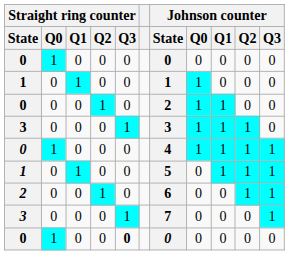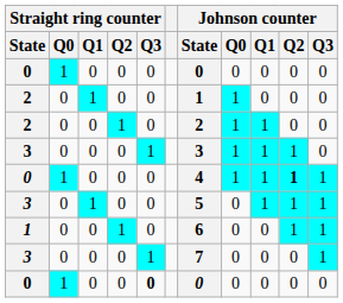 <table class="wikitable" style="text-align:center">
 <tr>
 <th colspan="5">Straight ring counter</th>
 <th></th>
 <th colspan="5">Johnson counter</th>
 </tr>
 <tr>
 <th>State</th>
 <th>Q0</th>
 <th>Q1</th>
 <th>Q2</th>
 <th>Q3</th>
 <th></th>
 <th>State</th>
 <th>Q0</th>
 <th>Q1</th>
 <th>Q2</th>
 <th>Q3</th>
 </tr>
 <tr>
 <th>0</th>
 <td style="background:#0FF">1</td>
 <td>0</td>
 <td>0</td>
 <td>0</td>
 <td> </td>
 <th>0</th>
 <td>0</td>
 <td>0</td>
 <td>0</td>
 <td>0</td>
 </tr>
 <tr>
-<th>1</th>
+<th>2</th>
 <td>0</td>
 <td style="background:#0FF">1</td>
 <td>0</td>
 <td>0</td>
 <td> </td>
 <th>1</th>
 <td style="background:#0FF">1</td>
 <td>0</td>
 <td>0</td>
 <td>0</td>
 </tr>
 <tr>
-<th>0</th>
+<th>2</th>
 <td>0</td>
 <td>0</td>
 <td style="background:#0FF">1</td>
 <td>0</td>
 <td> </td>
 <th>2</th>
 <td style="background:#0FF">1</td>
 <td style="background:#0FF">1</td>
 <td>0</td>
 <td>0</td>
 </tr>
 <tr>
 <th>3</th>
 <td>0</td>
 <td>0</td>
 <td>0</td>
 <td style="background:#0FF">1</td>
 <td> </td>
 <th>3</th>
 <td style="background:#0FF">1</td>
 <td style="background:#0FF">1</td>
 <td style="background:#0FF">1</td>
 <td>0</td>
 </tr>
 <tr>
 <th><em>0</em></th>
 <td style="background:#0FF">1</td>
 <td>0</td>
 <td>0</td>
 <td>0</td>
 <td> </td>
 <th>4</th>
 <td style="background:#0FF">1</td>
 <td style="background:#0FF">1</td>
-<td style="background:#0FF">1</td>
+<td style="background:#0FF"><strong>1</strong></td>
 <td style="background:#0FF">1</td>
 </tr>
 <tr>
-<th><em>1</em></th>
+<th><em>3</em></th>
 <td>0</td>
 <td style="background:#0FF">1</td>
 <td>0</td>
 <td>0</td>
 <td> </td>
 <th>5</th>
 <td>0</td>
 <td style="background:#0FF">1</td>
 <td style="background:#0FF">1</td>
 <td style="background:#0FF">1</td>
 </tr>
 <tr>
-<th><em>2</em></th>
+<th><em>1</em></th>
 <td>0</td>
 <td>0</td>
 <td style="background:#0FF">1</td>
 <td>0</td>
 <td> </td>
 <th>6</th>
 <td>0</td>
 <td>0</td>
 <td style="background:#0FF">1</td>
 <td style="background:#0FF">1</td>
 </tr>
 <tr>
 <th><em>3</em></th>
 <td>0</td>
 <td>0</td>
 <td>0</td>
 <td style="background:#0FF">1</td>
 <td> </td>
 <th>7</th>
 <td>0</td>
 <td>0</td>
 <td>0</td>
 <td style="background:#0FF">1</td>
 </tr>
 <tr>
 <th>0</th>
 <td style="background:#0FF">1</td>
 <td>0</td>
 <td>0</td>
 <td><strong>0</strong></td>
 <td> </td>
 <th><em>0</em></th>
 <td>0</td>
 <td>0</td>
 <td>0</td>
 <td>0</td>
 </tr>
 </table>
